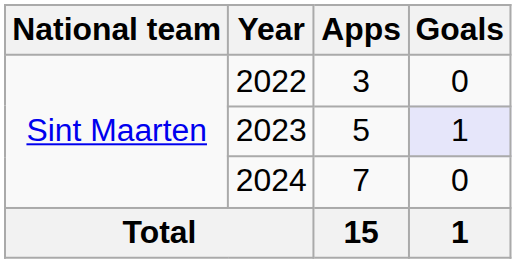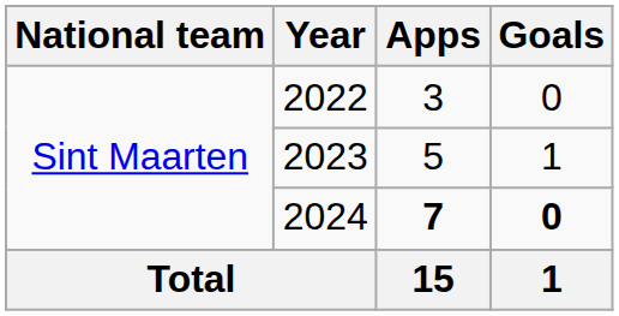 <table class="wikitable" style="text-align:center">
 <tr>
 <th>National team</th>
 <th>Year</th>
 <th>Apps</th>
 <th>Goals</th>
 </tr>
 <tr>
 <td rowspan="3"><a href='#'>Sint Maarten</a></td>
 <td>2022</td>
 <td>3</td>
 <td>0</td>
 </tr>
 <tr>
 <td>2023</td>
 <td>5</td>
-<td style="background: lavender;">1</td>
+<td>1</td>
 </tr>
 <tr>
 <td>2024</td>
-<td>7</td>
-<td>0</td>
+<td><strong>7</strong></td>
+<td><strong>0</strong></td>
 </tr>
 <tr>
 <th colspan="2">Total</th>
 <th>15</th>
 <th>1</th>
 </tr>
 </table>
